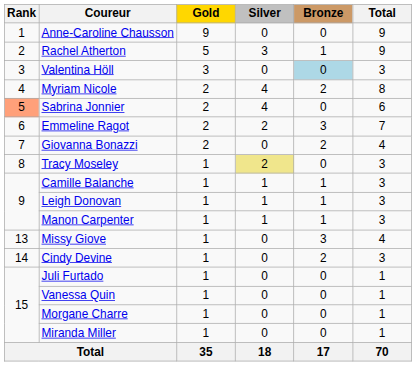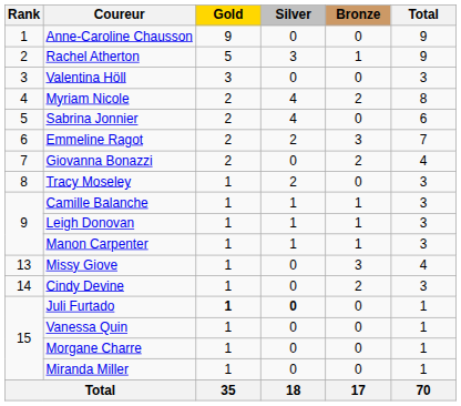 <table class="wikitable" style="text-align:center">
 <tr>
 <th scope=col>Rank</th>
 <th scope=col>Coureur</th>
 <th scope=col style="background:gold; width:4.5em; font-weight:bold;">Gold</th>
 <th scope=col style="background:silver; width:4.5em; font-weight:bold;">Silver</th>
 <th scope=col style="background:#cc9966; width:4.5em; font-weight:bold;">Bronze</th>
 <th scope=col style="width:4.5em;">Total</th>
 </tr>
 <tr>
 <td>1</td>
 <td align=left> <a href='#'>Anne-Caroline Chausson</a></td>
 <td>9</td>
 <td>0</td>
 <td>0</td>
 <td>9</td>
 </tr>
 <tr>
 <td>2</td>
 <td align=left> <a href='#'>Rachel Atherton</a></td>
 <td>5</td>
 <td>3</td>
 <td>1</td>
 <td>9</td>
 </tr>
 <tr>
 <td>3</td>
 <td align=left> <a href='#'>Valentina Höll</a></td>
 <td>3</td>
 <td>0</td>
-<td style="background: lightblue;">0</td>
+<td>0</td>
 <td>3</td>
 </tr>
 <tr>
 <td>4</td>
 <td align=left> <a href='#'>Myriam Nicole</a></td>
 <td>2</td>
 <td>4</td>
 <td>2</td>
 <td>8</td>
 </tr>
 <tr>
-<td style="background: lightsalmon;">5</td>
+<td>5</td>
 <td align=left> <a href='#'>Sabrina Jonnier</a></td>
 <td>2</td>
 <td>4</td>
 <td>0</td>
 <td>6</td>
 </tr>
 <tr>
 <td>6</td>
 <td align=left> <a href='#'>Emmeline Ragot</a></td>
 <td>2</td>
 <td>2</td>
 <td>3</td>
 <td>7</td>
 </tr>
 <tr>
 <td>7</td>
 <td align=left> <a href='#'>Giovanna Bonazzi</a></td>
 <td>2</td>
 <td>0</td>
 <td>2</td>
 <td>4</td>
 </tr>
 <tr>
 <td>8</td>
 <td align=left> <a href='#'>Tracy Moseley</a></td>
 <td>1</td>
-<td style="background: khaki;">2</td>
+<td>2</td>
 <td>0</td>
 <td>3</td>
 </tr>
 <tr>
 <td rowspan=3>9</td>
 <td align=left> <a href='#'>Camille Balanche</a></td>
 <td>1</td>
 <td>1</td>
 <td>1</td>
 <td>3</td>
 </tr>
 <tr>
 <td align=left> <a href='#'>Leigh Donovan</a></td>
 <td>1</td>
 <td>1</td>
 <td>1</td>
 <td>3</td>
 </tr>
 <tr>
 <td align=left> <a href='#'>Manon Carpenter</a></td>
 <td>1</td>
 <td>1</td>
 <td>1</td>
 <td>3</td>
 </tr>
 <tr>
 <td>13</td>
 <td align=left> <a href='#'>Missy Giove</a></td>
 <td>1</td>
 <td>0</td>
 <td>3</td>
 <td>4</td>
 </tr>
 <tr>
 <td>14</td>
 <td align=left> <a href='#'>Cindy Devine</a></td>
 <td>1</td>
 <td>0</td>
 <td>2</td>
 <td>3</td>
 </tr>
 <tr>
 <td rowspan=4>15</td>
 <td align=left> <a href='#'>Juli Furtado</a></td>
-<td>1</td>
-<td>0</td>
+<td><strong>1</strong></td>
+<td><strong>0</strong></td>
 <td>0</td>
 <td>1</td>
 </tr>
 <tr>
 <td align=left> <a href='#'>Vanessa Quin</a></td>
 <td>1</td>
 <td>0</td>
 <td>0</td>
 <td>1</td>
 </tr>
 <tr>
 <td align=left> <a href='#'>Morgane Charre</a></td>
 <td>1</td>
 <td>0</td>
 <td>0</td>
 <td>1</td>
 </tr>
 <tr>
 <td align=left> <a href='#'>Miranda Miller</a></td>
 <td>1</td>
 <td>0</td>
 <td>0</td>
 <td>1</td>
 </tr>
 <tr class="sortbottom">
 <th colspan=2>Total</th>
 <th>35</th>
 <th>18</th>
 <th>17</th>
 <th>70</th>
 </tr>
 </table>
